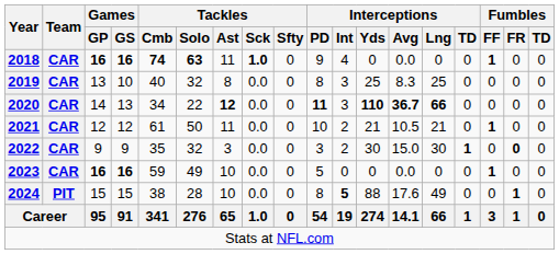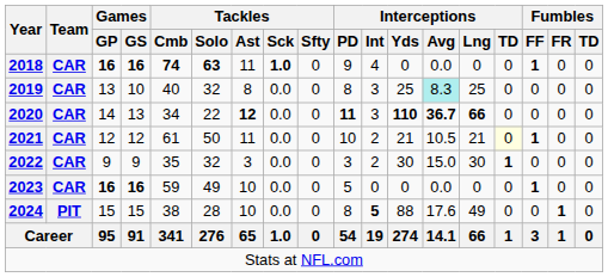 <table class="wikitable" style="text-align:center;">
 <tr>
 <th rowspan="2">Year</th>
 <th rowspan="2">Team</th>
 <th colspan="2">Games</th>
 <th colspan="5">Tackles</th>
 <th colspan="6">Interceptions</th>
 <th colspan="3">Fumbles</th>
 </tr>
 <tr>
 <th>GP</th>
 <th>GS</th>
 <th>Cmb</th>
 <th>Solo</th>
 <th>Ast</th>
 <th>Sck</th>
 <th>Sfty</th>
 <th>PD</th>
 <th>Int</th>
 <th>Yds</th>
 <th>Avg</th>
 <th>Lng</th>
 <th>TD</th>
 <th>FF</th>
 <th>FR</th>
 <th>TD</th>
 </tr>
 <tr>
 <th><a href='#'>2018</a></th>
 <th><a href='#'>CAR</a></th>
 <td><strong>16</strong></td>
 <td><strong>16</strong></td>
 <td><strong> 74</strong></td>
 <td><strong>63</strong></td>
 <td>11</td>
 <td><strong> 1.0</strong></td>
 <td>0</td>
 <td>9</td>
 <td>4</td>
 <td>0</td>
 <td>0.0</td>
 <td>0</td>
 <td>0</td>
 <td><strong> 1</strong></td>
 <td>0</td>
 <td>0</td>
 </tr>
 <tr>
 <th><a href='#'>2019</a></th>
 <th><a href='#'>CAR</a></th>
 <td>13</td>
 <td>10</td>
 <td>40</td>
 <td>32</td>
 <td>8</td>
 <td>0.0</td>
 <td>0</td>
 <td>8</td>
 <td>3</td>
 <td>25</td>
-<td>8.3</td>
+<td style="background: paleturquoise;">8.3</td>
 <td>25</td>
 <td>0</td>
 <td>0</td>
 <td>0</td>
 <td>0</td>
 </tr>
 <tr>
 <th><a href='#'>2020</a></th>
 <th><a href='#'>CAR</a></th>
 <td>14</td>
 <td>13</td>
 <td>34</td>
 <td>22</td>
 <td><strong>12</strong></td>
 <td>0.0</td>
 <td>0</td>
 <td><strong>11</strong></td>
 <td>3</td>
 <td><strong>110</strong></td>
 <td><strong>36.7</strong></td>
 <td><strong>66</strong></td>
 <td>0</td>
 <td>0</td>
 <td>0</td>
 <td>0</td>
 </tr>
 <tr>
 <th><a href='#'>2021</a></th>
 <th><a href='#'>CAR</a></th>
 <td>12</td>
 <td>12</td>
 <td>61</td>
 <td>50</td>
 <td>11</td>
 <td>0.0</td>
 <td>0</td>
 <td>10</td>
 <td>2</td>
 <td>21</td>
 <td>10.5</td>
 <td>21</td>
-<td>0</td>
+<td style="background: lightyellow;">0</td>
 <td><strong> 1</strong></td>
 <td>0</td>
 <td>0</td>
 </tr>
 <tr>
 <th><a href='#'>2022</a></th>
 <th><a href='#'>CAR</a></th>
 <td>9</td>
 <td>9</td>
 <td>35</td>
 <td>32</td>
 <td>3</td>
 <td>0.0</td>
 <td>0</td>
 <td>3</td>
 <td>2</td>
 <td>30</td>
 <td>15.0</td>
 <td>30</td>
 <td><strong>1</strong></td>
 <td>0</td>
-<td><strong>0</strong></td>
+<td>0</td>
 <td>0</td>
 </tr>
 <tr>
 <th><a href='#'>2023</a></th>
 <th><a href='#'>CAR</a></th>
 <td><strong>16</strong></td>
 <td><strong>16</strong></td>
 <td>59</td>
 <td>49</td>
 <td>10</td>
 <td>0.0</td>
 <td>0</td>
 <td>5</td>
 <td>0</td>
 <td>0</td>
 <td>0.0</td>
 <td>0</td>
 <td>0</td>
 <td><strong>1</strong></td>
 <td>0</td>
 <td>0</td>
 </tr>
 <tr>
 <th><a href='#'>2024</a></th>
 <th><a href='#'>PIT</a></th>
 <td>15</td>
 <td>15</td>
 <td>38</td>
 <td>28</td>
 <td>10</td>
 <td>0.0</td>
 <td>0</td>
 <td>8</td>
 <td><strong>5</strong></td>
 <td>88</td>
 <td>17.6</td>
 <td>49</td>
 <td>0</td>
 <td>0</td>
 <td><strong>1</strong></td>
 <td>0</td>
 </tr>
 <tr>
 <th colspan="2">Career</th>
 <th>95</th>
 <th>91</th>
 <th>341</th>
 <th>276</th>
 <th>65</th>
 <th>1.0</th>
 <th>0</th>
 <th>54</th>
 <th>19</th>
 <th>274</th>
 <th>14.1</th>
 <th>66</th>
 <th>1</th>
 <th>3</th>
 <th>1</th>
 <th>0</th>
 </tr>
 <tr>
 <td colspan="18">Stats at <a href='#'>NFL.com</a></td>
 </tr>
 </table>
